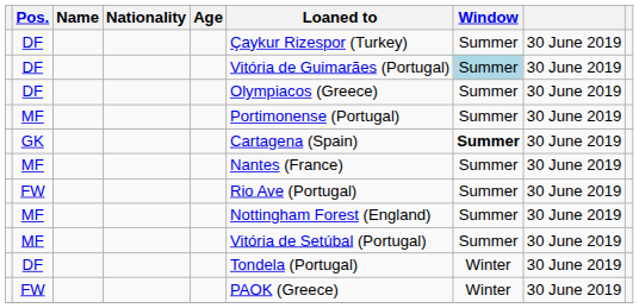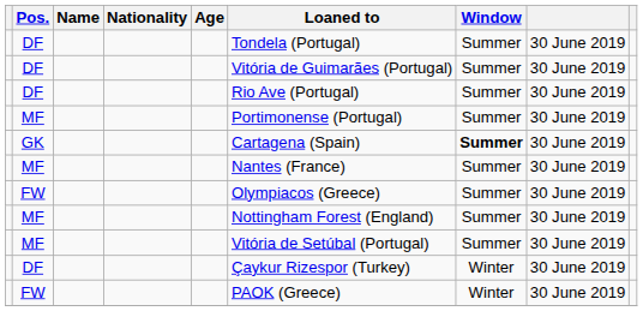 <table class="wikitable sortable" style="text-align:center;">
 <tr>
 <th scope=col></th>
 <th scope=col><a href='#'>Pos.</a></th>
 <th scope=col>Name</th>
 <th scope=col>Nationality</th>
 <th scope=col>Age</th>
 <th scope=col>Loaned to</th>
 <th scope=col><a href='#'>Window</a></th>
 <th scope=col></th>
 <th scope=col class=unsortable></th>
 </tr>
 <tr>
 <td></td>
 <td><a href='#'>DF</a></td>
 <td align=left></td>
 <td align=left></td>
 <td></td>
-<td align=left><a href='#'>Çaykur Rizespor</a> (Turkey)</td>
+<td align=left><a href='#'>Tondela</a> (Portugal)</td>
 <td>Summer</td>
 <td>30 June 2019</td>
 <td></td>
 </tr>
 <tr>
 <td></td>
 <td><a href='#'>DF</a></td>
 <td align=left></td>
 <td align=left></td>
 <td></td>
 <td align=left><a href='#'>Vitória de Guimarães</a> (Portugal)</td>
-<td style="background: lightblue;">Summer</td>
+<td>Summer</td>
 <td>30 June 2019</td>
 <td></td>
 </tr>
 <tr>
 <td></td>
 <td><a href='#'>DF</a></td>
 <td align=left></td>
 <td align=left></td>
 <td></td>
-<td align=left><a href='#'>Olympiacos</a> (Greece)</td>
+<td align=left><a href='#'>Rio Ave</a> (Portugal)</td>
 <td>Summer</td>
 <td>30 June 2019</td>
 <td></td>
 </tr>
 <tr>
 <td></td>
 <td><a href='#'>MF</a></td>
 <td align=left></td>
 <td align=left></td>
 <td></td>
 <td align=left><a href='#'>Portimonense</a> (Portugal)</td>
 <td>Summer</td>
 <td>30 June 2019</td>
 <td></td>
 </tr>
 <tr>
 <td></td>
 <td><a href='#'>GK</a></td>
 <td align=left></td>
 <td align=left></td>
 <td></td>
 <td align=left><a href='#'>Cartagena</a> (Spain)</td>
 <td><strong>Summer</strong></td>
 <td>30 June 2019</td>
 <td></td>
 </tr>
 <tr>
 <td></td>
 <td><a href='#'>MF</a></td>
 <td align=left></td>
 <td align=left></td>
 <td></td>
 <td align=left><a href='#'>Nantes</a> (France)</td>
 <td>Summer</td>
 <td>30 June 2019</td>
 <td></td>
 </tr>
 <tr>
 <td></td>
 <td><a href='#'>FW</a></td>
 <td align=left></td>
 <td align=left></td>
 <td></td>
-<td align=left><a href='#'>Rio Ave</a> (Portugal)</td>
+<td align=left><a href='#'>Olympiacos</a> (Greece)</td>
 <td>Summer</td>
 <td>30 June 2019</td>
 <td></td>
 </tr>
 <tr>
 <td></td>
 <td><a href='#'>MF</a></td>
 <td align=left></td>
 <td align=left></td>
 <td></td>
 <td align=left><a href='#'>Nottingham Forest</a> (England)</td>
 <td>Summer</td>
 <td>30 June 2019</td>
 <td></td>
 </tr>
 <tr>
 <td></td>
 <td><a href='#'>MF</a></td>
 <td align=left></td>
 <td align=left></td>
 <td></td>
 <td align=left><a href='#'>Vitória de Setúbal</a> (Portugal)</td>
 <td>Summer</td>
 <td>30 June 2019</td>
 <td></td>
 </tr>
 <tr>
 <td></td>
 <td><a href='#'>DF</a></td>
 <td align=left></td>
 <td align=left></td>
 <td></td>
-<td align=left><a href='#'>Tondela</a> (Portugal)</td>
+<td align=left><a href='#'>Çaykur Rizespor</a> (Turkey)</td>
 <td>Winter</td>
 <td>30 June 2019</td>
 <td></td>
 </tr>
 <tr>
 <td></td>
 <td><a href='#'>FW</a></td>
 <td align=left></td>
 <td align=left></td>
 <td></td>
 <td align=left><a href='#'>PAOK</a> (Greece)</td>
 <td>Winter</td>
 <td>30 June 2019</td>
 <td></td>
 </tr>
 <tr>
 </tr>
 </table>
